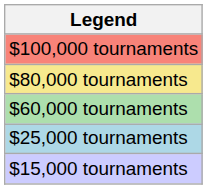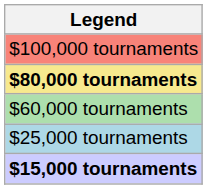 <table class=wikitable style="font-size:85%">
 <tr>
 <th>Legend</th>
 </tr>
 <tr bgcolor=f88379>
 <td>$100,000 tournaments</td>
 </tr>
 <tr bgcolor=f7e98e>
-<td>$80,000 tournaments</td>
+<td><strong>$80,000 tournaments</strong></td>
 </tr>
 <tr bgcolor=addfad>
 <td>$60,000 tournaments</td>
 </tr>
 <tr bgcolor=lightblue>
 <td>$25,000 tournaments</td>
 </tr>
 <tr bgcolor=ccccff>
-<td>$15,000 tournaments</td>
+<td><strong>$15,000 tournaments</strong></td>
 </tr>
 </table>
